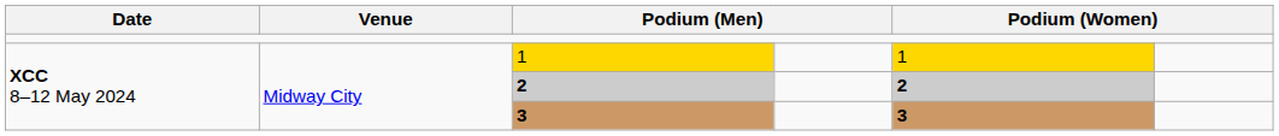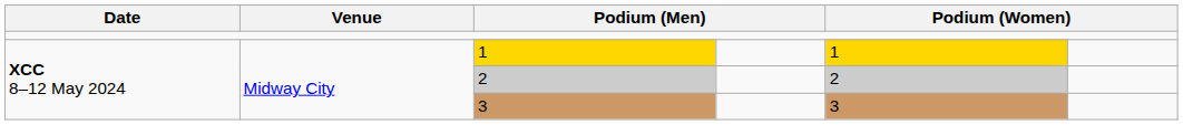 <table class="wikitable" width=70%>
 <tr>
 <th>Date</th>
 <th width=20%>Venue</th>
 <th colspan=2 width=30%>Podium (Men)</th>
 <th colspan=2 width=30%>Podium (Women)</th>
 </tr>
 <tr>
 <td colspan=6></td>
 </tr>
 <tr>
 <td rowspan=3><strong>XCC</strong> <br> 8–12 May 2024</td>
 <td rowspan=3><br><a href='#'>Midway City</a></td>
 <td bgcolor=FFD700>1</td>
 <td></td>
 <td bgcolor=FFD700>1</td>
 <td></td>
 </tr>
 <tr>
-<td bgcolor=CCCCCC><strong>2</strong></td>
+<td bgcolor=CCCCCC>2</td>
 <td></td>
-<td bgcolor=CCCCCC><strong>2</strong></td>
+<td bgcolor=CCCCCC>2</td>
 <td></td>
 </tr>
 <tr>
-<td bgcolor=CC9966><strong>3</strong></td>
+<td bgcolor=CC9966>3</td>
 <td></td>
-<td bgcolor=CC9966><strong>3</strong></td>
+<td bgcolor=CC9966>3</td>
 <td></td>
 </tr>
 </table>
